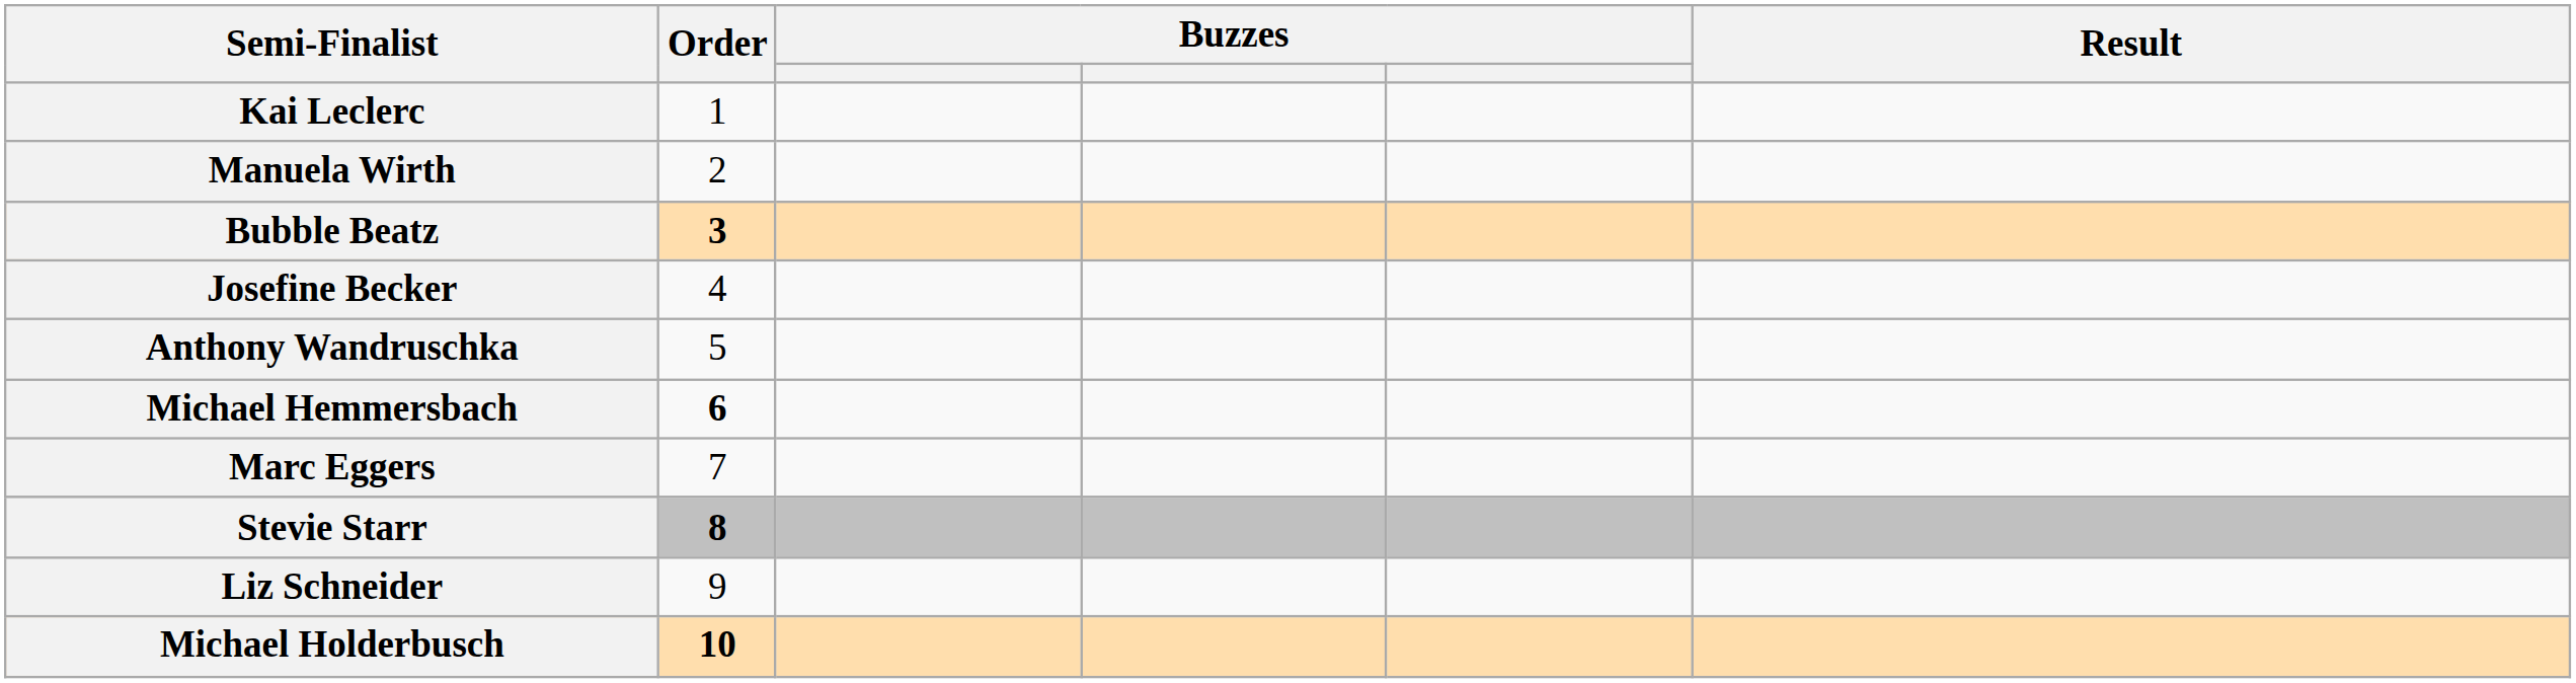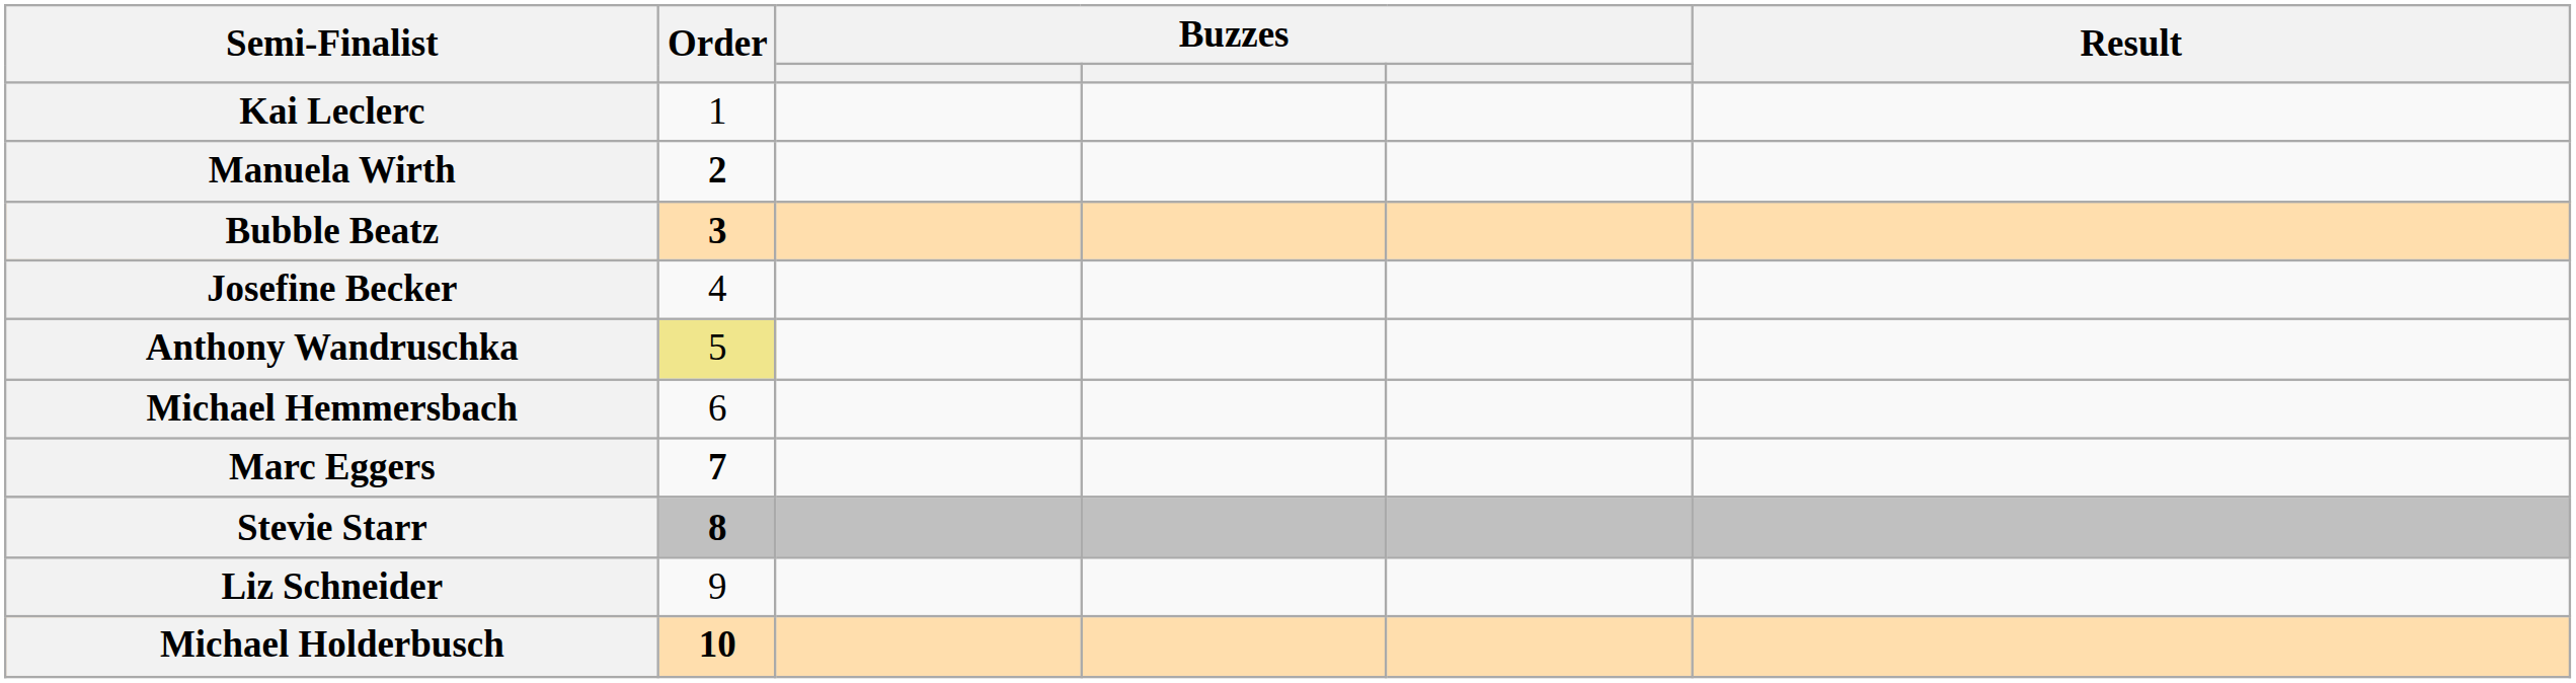 <table class="wikitable plainrowheaders sortable" style="text-align:center;">
 <tr>
 <th scope="col" rowspan="2" class="unsortable" style="width:17em;">Semi-Finalist</th>
 <th scope="col" rowspan="2" style="width:1em;">Order</th>
 <th scope="col" colspan="3" class="unsortable" style="width:24em;">Buzzes</th>
 <th scope="col" rowspan="2" style="width:23em;">Result</th>
 </tr>
 <tr>
 <th scope="col" class="unsortable" style="width:6em;"></th>
 <th scope="col" class="unsortable" style="width:6em;"></th>
 <th scope="col" class="unsortable" style="width:6em;"></th>
 </tr>
 <tr>
 <th scope="row">Kai Leclerc</th>
 <td>1</td>
 <td style="text-align:center;"></td>
 <td style="text-align:center;"></td>
 <td style="text-align:center;"></td>
 <td></td>
 </tr>
 <tr>
 <th scope="row">Manuela Wirth</th>
-<td>2</td>
+<td><strong>2</strong></td>
 <td style="text-align:center;"></td>
 <td style="text-align:center;"></td>
 <td style="text-align:center;"></td>
 <td></td>
 </tr>
 <tr style="background:NavajoWhite;">
 <th scope="row"><strong>Bubble Beatz</strong></th>
 <td><strong>3</strong></td>
 <td style="text-align:center;"></td>
 <td style="text-align:center;"></td>
 <td style="text-align:center;"></td>
 <td><strong></strong></td>
 </tr>
 <tr>
 <th scope="row">Josefine Becker</th>
 <td>4</td>
 <td style="text-align:center;"></td>
 <td style="text-align:center;"></td>
 <td style="text-align:center;"></td>
 <td></td>
 </tr>
 <tr>
 <th scope="row">Anthony Wandruschka</th>
-<td>5</td>
+<td style="background: khaki;">5</td>
 <td style="text-align:center;"></td>
 <td style="text-align:center;"></td>
 <td style="text-align:center;"></td>
 <td></td>
 </tr>
 <tr>
 <th scope="row">Michael Hemmersbach</th>
-<td><strong>6</strong></td>
+<td>6</td>
 <td style="text-align:center;"></td>
 <td style="text-align:center;"></td>
 <td style="text-align:center;"></td>
 <td></td>
 </tr>
 <tr>
 <th scope="row">Marc Eggers</th>
-<td>7</td>
+<td><strong>7</strong></td>
 <td style="text-align:center;"></td>
 <td style="text-align:center;"></td>
 <td style="text-align:center;"></td>
 <td></td>
 </tr>
 <tr style="background:silver;">
 <th scope="row"><strong>Stevie Starr</strong></th>
 <td><strong>8</strong></td>
 <td style="text-align:center;"></td>
 <td style="text-align:center;"></td>
 <td style="text-align:center;"></td>
 <td><strong></strong></td>
 </tr>
 <tr>
 <th scope="row">Liz Schneider</th>
 <td>9</td>
 <td style="text-align:center;"></td>
 <td style="text-align:center;"></td>
 <td style="text-align:center;"></td>
 <td></td>
 </tr>
 <tr style="background:NavajoWhite;">
 <th scope="row"><strong>Michael Holderbusch</strong></th>
 <td><strong>10</strong></td>
 <td style="text-align:center;"></td>
 <td style="text-align:center;"></td>
 <td style="text-align:center;"></td>
 <td><strong></strong></td>
 </tr>
 </table>
